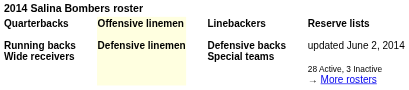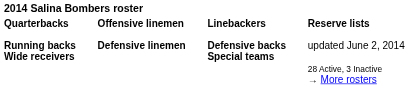 <table class="toccolours" style="text-align: left;">
 <tr>
 <th colspan=7><strong>2014 Salina Bombers roster</strong></th>
 </tr>
 <tr>
 <td style="font-size: 95%;" valign="top"><strong>Quarterbacks</strong><br>  <br><strong>Running backs</strong>  <br><strong>Wide receivers</strong>      </td>
 <td style="width: 25px;"></td>
-<td style="background: lightyellow; font-size: 95%;" valign="top"><strong>Offensive linemen</strong><br>   <br><strong>Defensive linemen</strong>     </td>
+<td style="font-size: 95%;" valign="top"><strong>Offensive linemen</strong><br>   <br><strong>Defensive linemen</strong>     </td>
 <td style="width: 25px;"></td>
 <td style="font-size: 95%;" valign="top"><strong>Linebackers</strong><br>  <br><strong>Defensive backs</strong>     <br><strong>Special teams</strong> </td>
 <td style="width: 25px;"></td>
 <td style="font-size: 95%;" valign="top"><strong>Reserve lists</strong><br>  <br> updated June 2, 2014<br> <br> <small>28 Active, 3 Inactive</small><br>→ <a href='#'>More rosters</a></td>
 </tr>
 </table>
